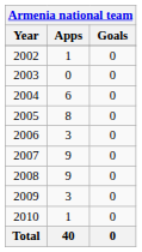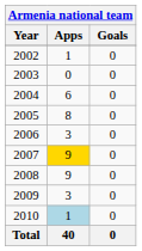 <table class="wikitable" style="text-align:center">
 <tr>
 <th colspan=3><a href='#'>Armenia national team</a></th>
 </tr>
 <tr>
 <th>Year</th>
 <th>Apps</th>
 <th>Goals</th>
 </tr>
 <tr>
 </tr>
 <tr>
 <td>2002</td>
 <td>1</td>
 <td>0</td>
 </tr>
 <tr>
 <td>2003</td>
 <td>0</td>
 <td>0</td>
 </tr>
 <tr>
 <td>2004</td>
 <td>6</td>
 <td>0</td>
 </tr>
 <tr>
 <td>2005</td>
 <td>8</td>
 <td>0</td>
 </tr>
 <tr>
 <td>2006</td>
 <td>3</td>
 <td>0</td>
 </tr>
 <tr>
 <td>2007</td>
-<td>9</td>
+<td style="background: gold;">9</td>
 <td>0</td>
 </tr>
 <tr>
 <td>2008</td>
 <td>9</td>
 <td>0</td>
 </tr>
 <tr>
 <td>2009</td>
 <td>3</td>
 <td>0</td>
 </tr>
 <tr>
 <td>2010</td>
-<td>1</td>
+<td style="background: lightblue;">1</td>
 <td>0</td>
 </tr>
 <tr>
 <th>Total</th>
 <th>40</th>
 <th>0</th>
 </tr>
 </table>
